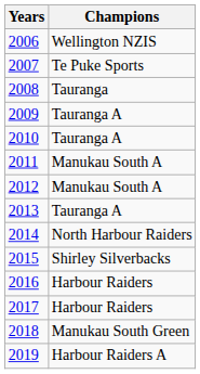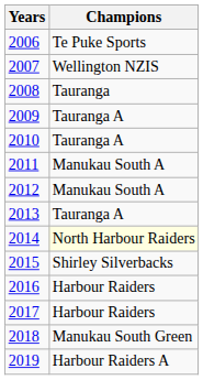 <table class="wikitable" style="display:inline-table;">
 <tr>
 <th>Years</th>
 <th>Champions</th>
 </tr>
 <tr>
 <td><a href='#'>2006</a></td>
-<td>Wellington NZIS</td>
+<td>Te Puke Sports</td>
 </tr>
 <tr>
 <td><a href='#'>2007</a></td>
-<td>Te Puke Sports</td>
+<td>Wellington NZIS</td>
 </tr>
 <tr>
 <td><a href='#'>2008</a></td>
 <td>Tauranga</td>
 </tr>
 <tr>
 <td><a href='#'>2009</a></td>
 <td>Tauranga A</td>
 </tr>
 <tr>
 <td><a href='#'>2010</a></td>
 <td>Tauranga A</td>
 </tr>
 <tr>
 <td><a href='#'>2011</a></td>
 <td>Manukau South A</td>
 </tr>
 <tr>
 <td><a href='#'>2012</a></td>
 <td>Manukau South A</td>
 </tr>
 <tr>
 <td><a href='#'>2013</a></td>
 <td>Tauranga  A</td>
 </tr>
 <tr>
 <td><a href='#'>2014</a></td>
-<td>North Harbour Raiders</td>
+<td style="background: lightyellow;">North Harbour Raiders</td>
 </tr>
 <tr>
 <td><a href='#'>2015</a></td>
 <td>Shirley Silverbacks</td>
 </tr>
 <tr>
 <td><a href='#'>2016</a></td>
 <td>Harbour Raiders</td>
 </tr>
 <tr>
 <td><a href='#'>2017</a></td>
 <td>Harbour Raiders</td>
 </tr>
 <tr>
 <td><a href='#'>2018</a></td>
 <td>Manukau South Green</td>
 </tr>
 <tr>
 <td><a href='#'>2019</a></td>
 <td>Harbour Raiders A</td>
 </tr>
 </table>
